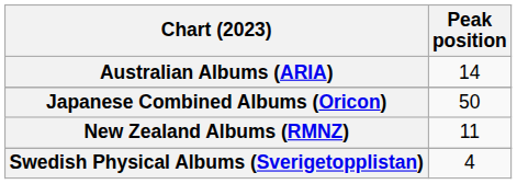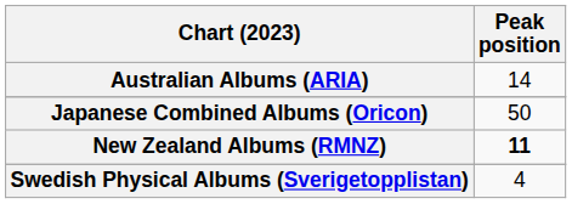 <table class="wikitable sortable plainrowheaders" style="text-align:center">
 <tr>
 <th scope="col">Chart (2023)</th>
 <th scope="col">Peak<br>position</th>
 </tr>
 <tr>
 <th scope="row">Australian Albums (<a href='#'>ARIA</a>)</th>
 <td>14</td>
 </tr>
 <tr>
 </tr>
 <tr>
 <th scope="row">Japanese Combined Albums (<a href='#'>Oricon</a>)</th>
 <td>50</td>
 </tr>
 <tr>
 <th scope="row">New Zealand Albums (<a href='#'>RMNZ</a>)</th>
-<td>11</td>
+<td><strong>11</strong></td>
 </tr>
 <tr>
 </tr>
 <tr>
 <th scope="row">Swedish Physical Albums (<a href='#'>Sverigetopplistan</a>)</th>
 <td>4</td>
 </tr>
 </table>
